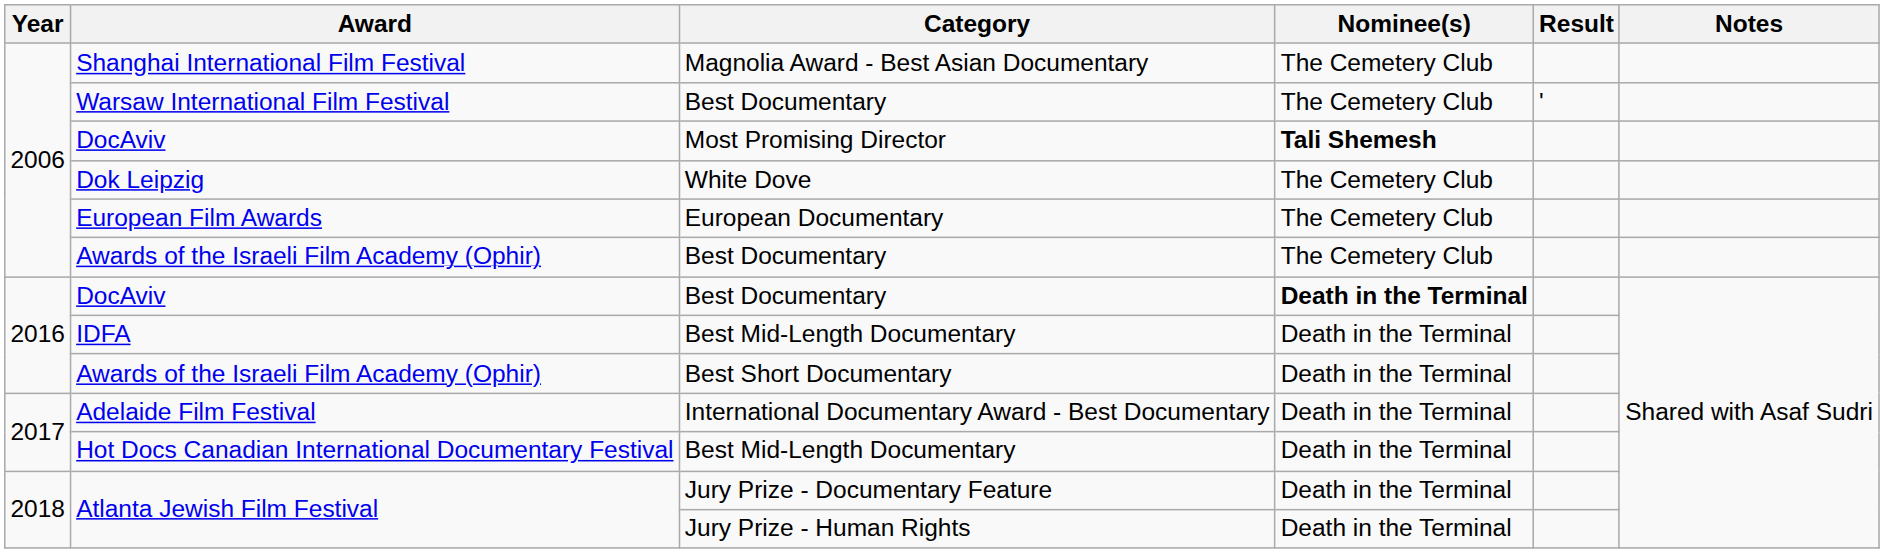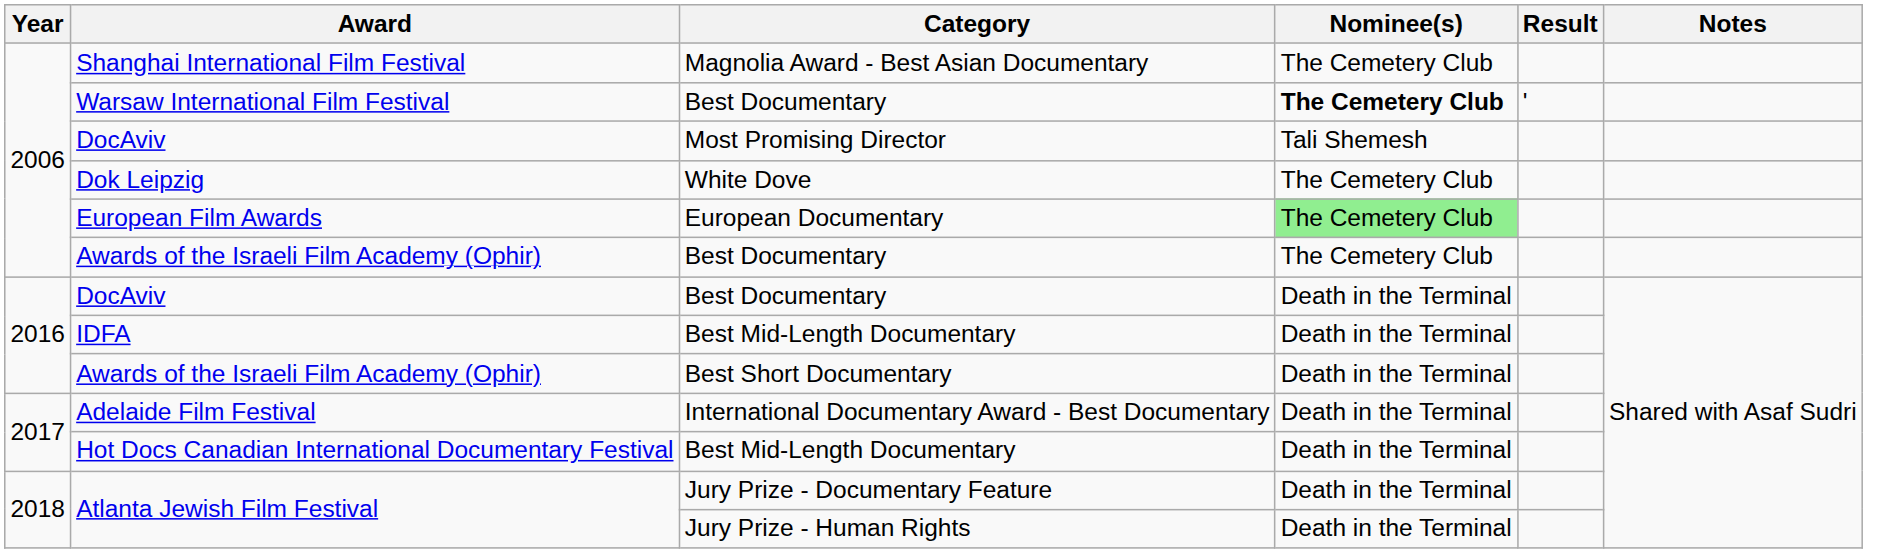 <table class="wikitable">
 <tr>
 <th>Year</th>
 <th>Award</th>
 <th>Category</th>
 <th>Nominee(s)</th>
 <th>Result</th>
 <th>Notes</th>
 </tr>
 <tr>
 <td rowspan="6">2006</td>
 <td><a href='#'>Shanghai International Film Festival</a></td>
 <td>Magnolia Award - Best Asian Documentary</td>
 <td>The Cemetery Club</td>
 <td></td>
 <td></td>
 </tr>
 <tr>
 <td><a href='#'>Warsaw International Film Festival</a></td>
 <td>Best Documentary</td>
-<td>The Cemetery Club</td>
+<td><strong>The Cemetery Club</strong></td>
 <td>'</td>
 <td></td>
 </tr>
 <tr>
 <td><a href='#'>DocAviv</a></td>
 <td>Most Promising Director</td>
-<td><strong>Tali Shemesh</strong></td>
+<td>Tali Shemesh</td>
 <td></td>
 <td></td>
 </tr>
 <tr>
 <td><a href='#'>Dok Leipzig</a></td>
 <td>White Dove</td>
 <td>The Cemetery Club</td>
 <td></td>
 <td></td>
 </tr>
 <tr>
 <td><a href='#'>European Film Awards</a></td>
 <td>European Documentary</td>
-<td>The Cemetery Club</td>
+<td style="background: lightgreen;">The Cemetery Club</td>
 <td></td>
 <td></td>
 </tr>
 <tr>
 <td><a href='#'>Awards of the Israeli Film Academy (Ophir)</a></td>
 <td>Best Documentary</td>
 <td>The Cemetery Club</td>
 <td></td>
 <td></td>
 </tr>
 <tr>
 <td rowspan="3">2016</td>
 <td><a href='#'>DocAviv</a></td>
 <td>Best Documentary</td>
-<td><strong>Death in the Terminal</strong></td>
+<td>Death in the Terminal</td>
 <td></td>
 <td rowspan="7">Shared with Asaf Sudri</td>
 </tr>
 <tr>
 <td><a href='#'>IDFA</a></td>
 <td>Best Mid-Length Documentary</td>
 <td>Death in the Terminal</td>
 <td></td>
 </tr>
 <tr>
 <td><a href='#'>Awards of the Israeli Film Academy (Ophir)</a></td>
 <td>Best Short Documentary</td>
 <td>Death in the Terminal</td>
 <td></td>
 </tr>
 <tr>
 <td rowspan="2">2017</td>
 <td><a href='#'>Adelaide Film Festival</a></td>
 <td>International Documentary Award - Best Documentary</td>
 <td>Death in the Terminal</td>
 <td></td>
 </tr>
 <tr>
 <td><a href='#'>Hot Docs Canadian International Documentary Festival</a></td>
 <td>Best Mid-Length Documentary</td>
 <td>Death in the Terminal</td>
 <td></td>
 </tr>
 <tr>
 <td rowspan="2">2018</td>
 <td rowspan="2"><a href='#'>Atlanta Jewish Film Festival</a></td>
 <td>Jury Prize - Documentary Feature</td>
 <td>Death in the Terminal</td>
 <td></td>
 </tr>
 <tr>
 <td>Jury Prize - Human Rights</td>
 <td>Death in the Terminal</td>
 <td></td>
 </tr>
 </table>
